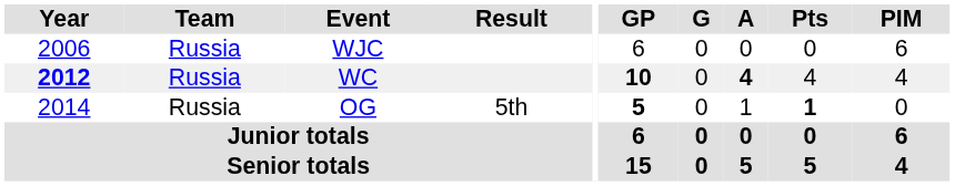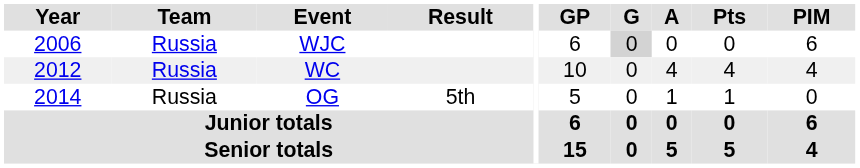 <table border="0" cellpadding="1" cellspacing="0" ID="Table3" style="text-align:center; width:40em">
 <tr ALIGN="center" bgcolor="#e0e0e0">
 <th>Year</th>
 <th>Team</th>
 <th>Event</th>
 <th>Result</th>
 <th rowspan="99" bgcolor="#ffffff"></th>
 <th>GP</th>
 <th>G</th>
 <th>A</th>
 <th>Pts</th>
 <th>PIM</th>
 </tr>
 <tr>
 <td><a href='#'>2006</a></td>
 <td><a href='#'>Russia</a></td>
 <td><a href='#'>WJC</a></td>
 <td></td>
 <td>6</td>
-<td>0</td>
+<td style="background: lightgrey;">0</td>
 <td>0</td>
 <td>0</td>
 <td>6</td>
 </tr>
 <tr bgcolor="#f0f0f0">
-<td><strong><a href='#'>2012</a></strong></td>
+<td><a href='#'>2012</a></td>
 <td><a href='#'>Russia</a></td>
 <td><a href='#'>WC</a></td>
 <td></td>
-<td><strong>10</strong></td>
+<td>10</td>
 <td>0</td>
-<td><strong>4</strong></td>
+<td>4</td>
 <td>4</td>
 <td>4</td>
 </tr>
 <tr>
 <td><a href='#'>2014</a></td>
 <td>Russia</td>
 <td><a href='#'>OG</a></td>
 <td>5th</td>
-<td><strong>5</strong></td>
+<td>5</td>
 <td>0</td>
 <td>1</td>
-<td><strong>1</strong></td>
+<td>1</td>
 <td>0</td>
 </tr>
 <tr bgcolor="#e0e0e0">
 <th colspan=4>Junior totals</th>
 <th>6</th>
 <th>0</th>
 <th>0</th>
 <th>0</th>
 <th>6</th>
 </tr>
 <tr bgcolor="#e0e0e0">
 <th colspan=4>Senior totals</th>
 <th>15</th>
 <th>0</th>
 <th>5</th>
 <th>5</th>
 <th>4</th>
 </tr>
 </table>
